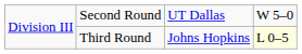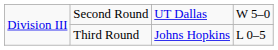 <table class="wikitable">
 <tr>
 <td rowspan="5"><a href='#'>Division III</a></td>
 <td>Second Round</td>
 <td><a href='#'>UT Dallas</a></td>
 <td>W 5–0</td>
 </tr>
 <tr>
 <td>Third Round</td>
 <td><a href='#'>Johns Hopkins</a></td>
-<td style="background: lightyellow;">L 0–5</td>
+<td>L 0–5</td>
 </tr>
 </table>
